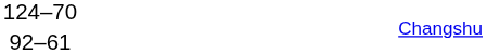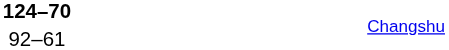 <table style="text-align:center">
 <tr>
 <th width=200></th>
 <th width=100></th>
 <th width=200></th>
 <th></th>
 </tr>
 <tr>
 <td align=right><strong></strong></td>
-<td>124–70</td>
+<td><strong>124–70</strong></td>
 <td align=left></td>
 <td align=left rowspan=2><small><a href='#'>Changshu</a></small></td>
 </tr>
 <tr>
 <td align=right><strong></strong></td>
 <td>92–61</td>
 <td align=left></td>
 </tr>
 </table>
